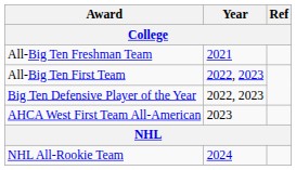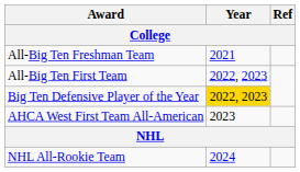 <table class="wikitable">
 <tr>
 <th>Award</th>
 <th>Year</th>
 <th>Ref</th>
 </tr>
 <tr>
 <th colspan="3"><a href='#'>College</a></th>
 </tr>
 <tr>
 <td>All-<a href='#'>Big Ten Freshman Team</a></td>
 <td><a href='#'>2021</a></td>
 <td></td>
 </tr>
 <tr>
 <td>All-<a href='#'>Big Ten First Team</a></td>
 <td><a href='#'>2022</a>, <a href='#'>2023</a></td>
 <td rowspan="2"></td>
 </tr>
 <tr>
 <td><a href='#'>Big Ten Defensive Player of the Year</a></td>
-<td>2022, 2023</td>
+<td style="background: gold;">2022, 2023</td>
 </tr>
 <tr>
 <td><a href='#'>AHCA West First Team All-American</a></td>
 <td>2023</td>
 <td></td>
 </tr>
 <tr>
 <th colspan="3"><a href='#'>NHL</a></th>
 </tr>
 <tr>
 <td><a href='#'>NHL All-Rookie Team</a></td>
 <td><a href='#'>2024</a></td>
 <td></td>
 </tr>
 </table>
